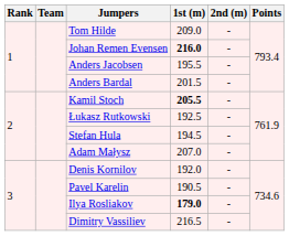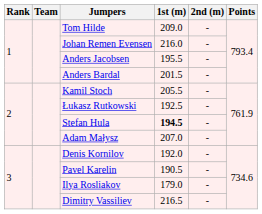 <table class="wikitable">
 <tr>
 <th align=left>Rank</th>
 <th>Team</th>
 <th>Jumpers</th>
 <th align=Center>1st (m)</th>
 <th>2nd (m)</th>
 <th>Points</th>
 </tr>
 <tr style="background:#ffeeee;">
 <td align=left rowspan="4">1</td>
 <td align=left rowspan="4"></td>
 <td align=left><a href='#'>Tom Hilde</a></td>
 <td align=center>209.0</td>
 <td align=center>-</td>
 <td align=center rowspan="4">793.4</td>
 </tr>
 <tr style="background:#ffeeee;">
 <td align=left><a href='#'>Johan Remen Evensen</a></td>
-<td align=center><strong>216.0</strong></td>
+<td align=center>216.0</td>
 <td align=center>-</td>
 </tr>
 <tr style="background:#ffeeee;">
 <td align=left><a href='#'>Anders Jacobsen</a></td>
 <td align=center>195.5</td>
 <td align=center>-</td>
 </tr>
 <tr style="background:#ffeeee;">
 <td align=left><a href='#'>Anders Bardal</a></td>
 <td align=center>201.5</td>
 <td align=center>-</td>
 </tr>
 <tr style="background:#ffeeee;">
 <td align=left rowspan="4">2</td>
 <td align=left rowspan="4"></td>
 <td align=left><a href='#'>Kamil Stoch</a></td>
-<td align=center><strong>205.5</strong></td>
+<td align=center>205.5</td>
 <td align=center>-</td>
 <td align=center rowspan="4">761.9</td>
 </tr>
 <tr style="background:#ffeeee;">
 <td align=left><a href='#'>Łukasz Rutkowski</a></td>
 <td align=center>192.5</td>
 <td align=center>-</td>
 </tr>
 <tr style="background:#ffeeee;">
 <td align=left><a href='#'>Stefan Hula</a></td>
-<td align=center>194.5</td>
+<td align=center><strong>194.5</strong></td>
 <td align=center>-</td>
 </tr>
 <tr style="background:#ffeeee;">
 <td align=left><a href='#'>Adam Małysz</a></td>
 <td align=center>207.0</td>
 <td align=center>-</td>
 </tr>
 <tr style="background:#ffeeee;">
 <td align=left rowspan="4">3</td>
 <td align=left rowspan="4"></td>
 <td align=left><a href='#'>Denis Kornilov</a></td>
 <td align=center>192.0</td>
 <td align=center>-</td>
 <td align=center rowspan="4">734.6</td>
 </tr>
 <tr style="background:#ffeeee;">
 <td align=left><a href='#'>Pavel Karelin</a></td>
 <td align=center>190.5</td>
 <td align=center>-</td>
 </tr>
 <tr style="background:#ffeeee;">
 <td align=left><a href='#'>Ilya Rosliakov</a></td>
-<td align=center><strong>179.0</strong></td>
+<td align=center>179.0</td>
 <td align=center>-</td>
 </tr>
 <tr style="background:#ffeeee;">
 <td align=left><a href='#'>Dimitry Vassiliev</a></td>
 <td align=center>216.5</td>
 <td align=center>-</td>
 </tr>
 </table>
